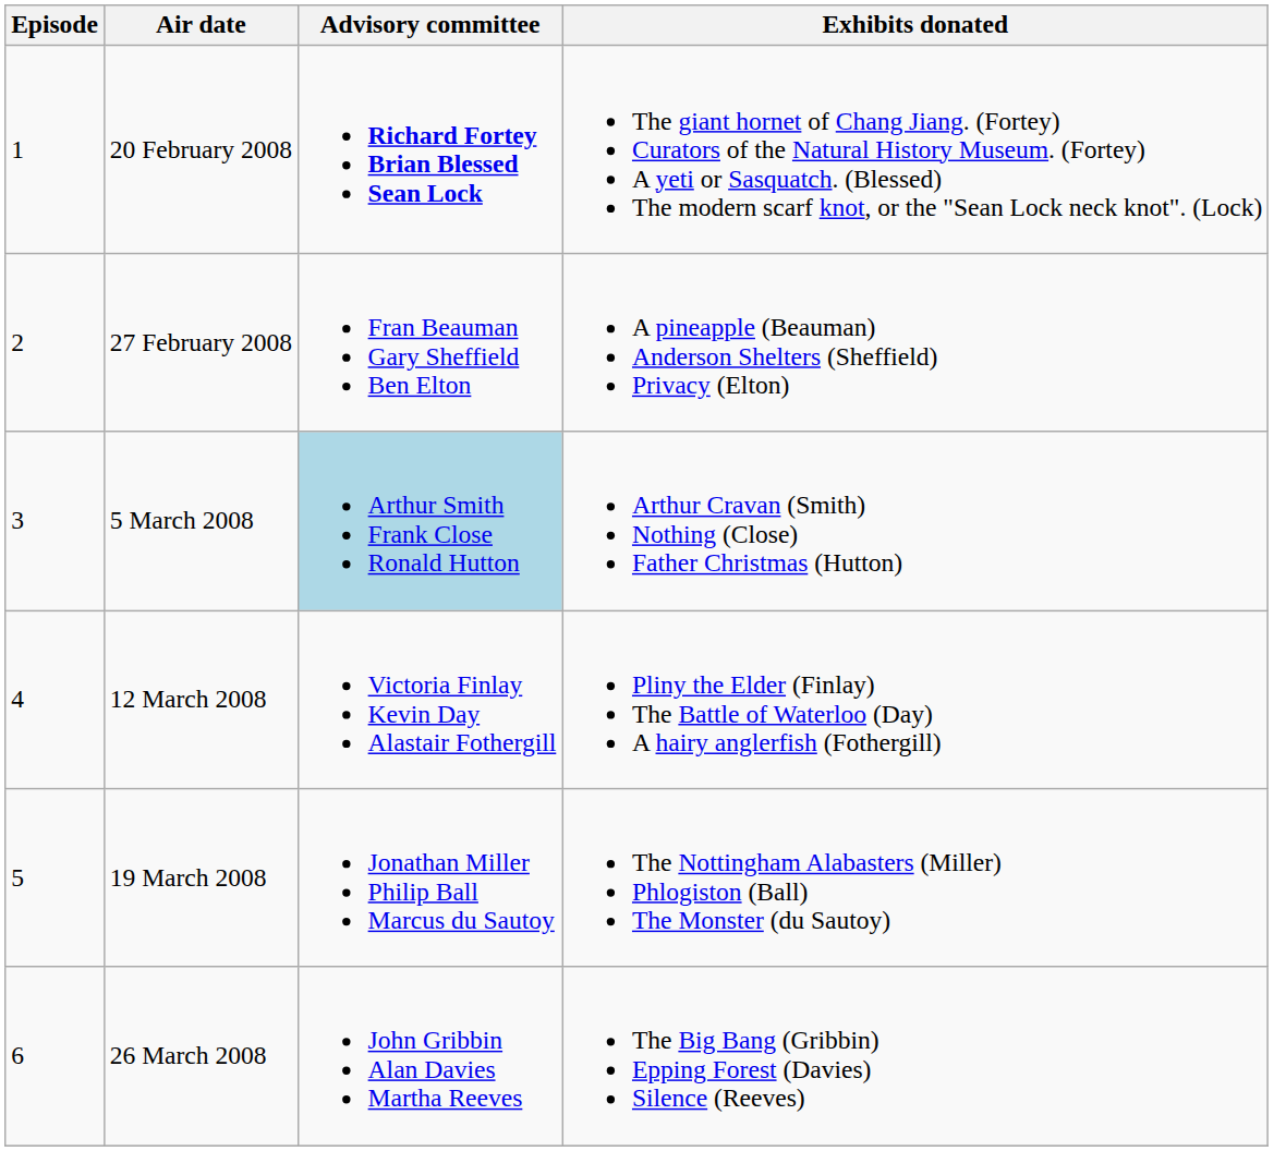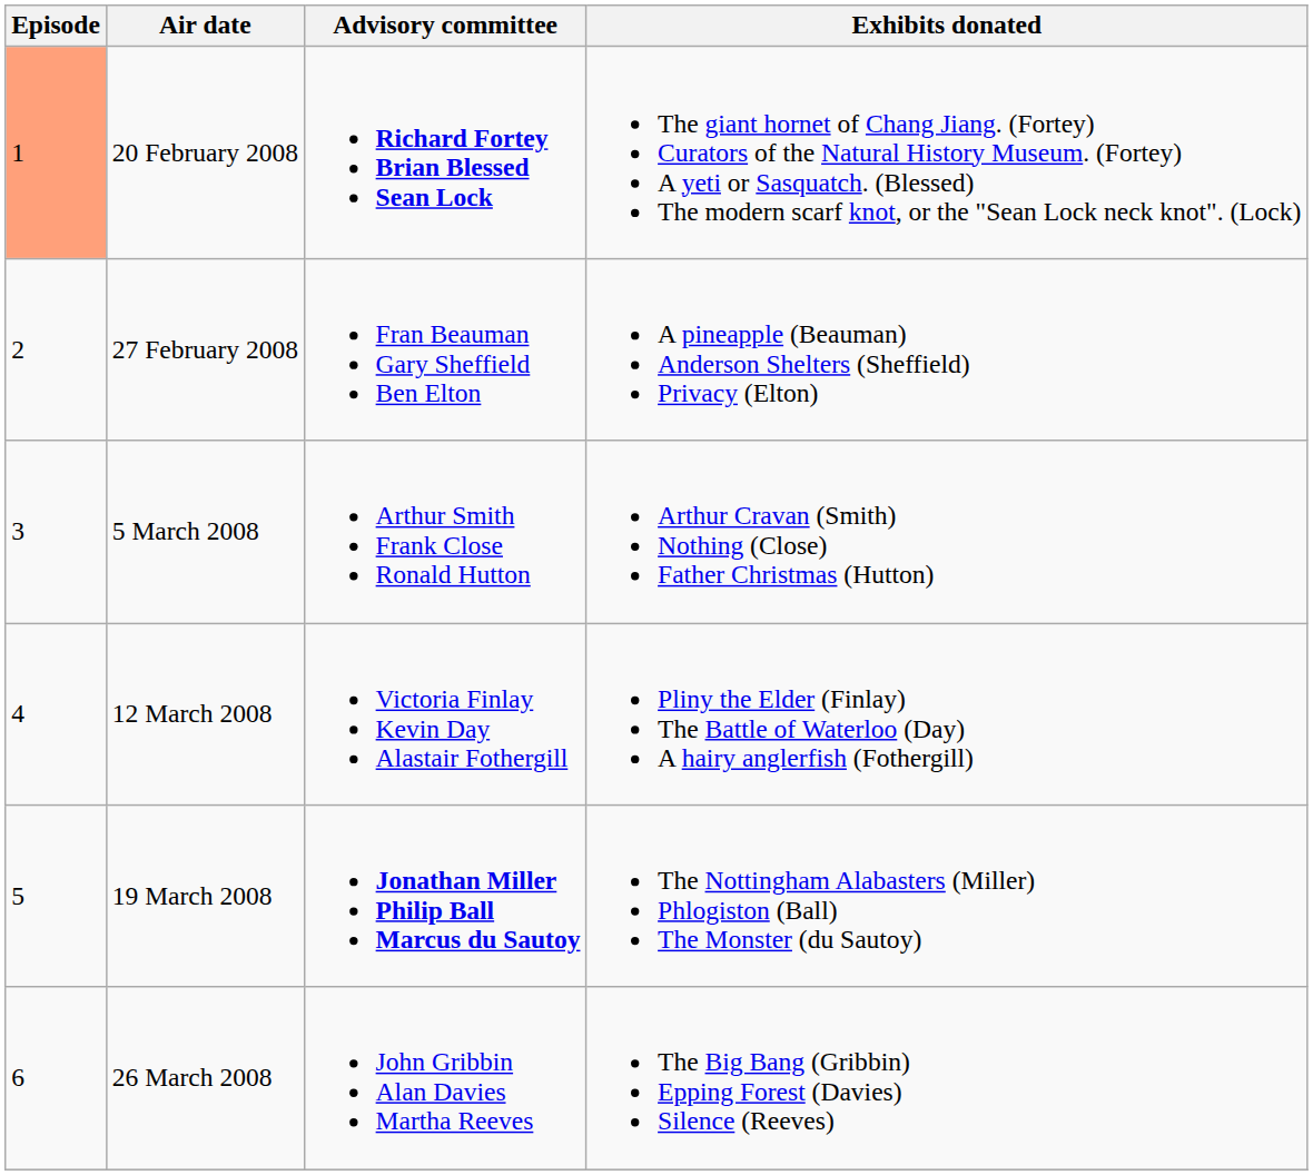 <table class="wikitable">
 <tr>
 <th>Episode</th>
 <th>Air date</th>
 <th>Advisory committee</th>
 <th>Exhibits donated</th>
 </tr>
 <tr>
-<td>1</td>
+<td style="background: lightsalmon;">1</td>
 <td>20 February 2008</td>
 <td><strong><br><ul><li><a href='#'>Richard Fortey</a></li><li><a href='#'>Brian Blessed</a></li><li><a href='#'>Sean Lock</a></li></ul></strong></td>
 <td><br><ul><li>The <a href='#'>giant hornet</a> of <a href='#'>Chang Jiang</a>. (Fortey)</li><li><a href='#'>Curators</a> of the <a href='#'>Natural History Museum</a>. (Fortey)</li><li>A <a href='#'>yeti</a> or <a href='#'>Sasquatch</a>. (Blessed)</li><li>The modern scarf <a href='#'>knot</a>, or the "Sean Lock neck knot". (Lock)</li></ul></td>
 </tr>
 <tr>
 <td>2</td>
 <td>27 February 2008</td>
 <td><br><ul><li><a href='#'>Fran Beauman</a></li><li><a href='#'>Gary Sheffield</a></li><li><a href='#'>Ben Elton</a></li></ul></td>
 <td><br><ul><li>A <a href='#'>pineapple</a> (Beauman)</li><li><a href='#'>Anderson Shelters</a> (Sheffield)</li><li><a href='#'>Privacy</a> (Elton)</li></ul></td>
 </tr>
 <tr>
 <td>3</td>
 <td>5 March 2008</td>
-<td style="background: lightblue;"><br><ul><li><a href='#'>Arthur Smith</a></li><li><a href='#'>Frank Close</a></li><li><a href='#'>Ronald Hutton</a></li></ul></td>
+<td><br><ul><li><a href='#'>Arthur Smith</a></li><li><a href='#'>Frank Close</a></li><li><a href='#'>Ronald Hutton</a></li></ul></td>
 <td><br><ul><li><a href='#'>Arthur Cravan</a> (Smith)</li><li><a href='#'>Nothing</a> (Close)</li><li><a href='#'>Father Christmas</a> (Hutton)</li></ul></td>
 </tr>
 <tr>
 <td>4</td>
 <td>12 March 2008</td>
 <td><br><ul><li><a href='#'>Victoria Finlay</a></li><li><a href='#'>Kevin Day</a></li><li><a href='#'>Alastair Fothergill</a></li></ul></td>
 <td><br><ul><li><a href='#'>Pliny the Elder</a> (Finlay)</li><li>The <a href='#'>Battle of Waterloo</a> (Day)</li><li>A <a href='#'>hairy anglerfish</a> (Fothergill)</li></ul></td>
 </tr>
 <tr>
 <td>5</td>
 <td>19 March 2008</td>
-<td><br><ul><li><a href='#'>Jonathan Miller</a></li><li><a href='#'>Philip Ball</a></li><li><a href='#'>Marcus du Sautoy</a></li></ul></td>
+<td><strong><br><ul><li><a href='#'>Jonathan Miller</a></li><li><a href='#'>Philip Ball</a></li><li><a href='#'>Marcus du Sautoy</a></li></ul></strong></td>
 <td><br><ul><li>The <a href='#'>Nottingham Alabasters</a> (Miller)</li><li><a href='#'>Phlogiston</a> (Ball)</li><li><a href='#'>The Monster</a> (du Sautoy)</li></ul></td>
 </tr>
 <tr>
 <td>6</td>
 <td>26 March 2008</td>
 <td><br><ul><li><a href='#'>John Gribbin</a></li><li><a href='#'>Alan Davies</a></li><li><a href='#'>Martha Reeves</a></li></ul></td>
 <td><br><ul><li>The <a href='#'>Big Bang</a> (Gribbin)</li><li><a href='#'>Epping Forest</a> (Davies)</li><li><a href='#'>Silence</a> (Reeves)</li></ul></td>
 </tr>
 <tr>
 </tr>
 </table>
